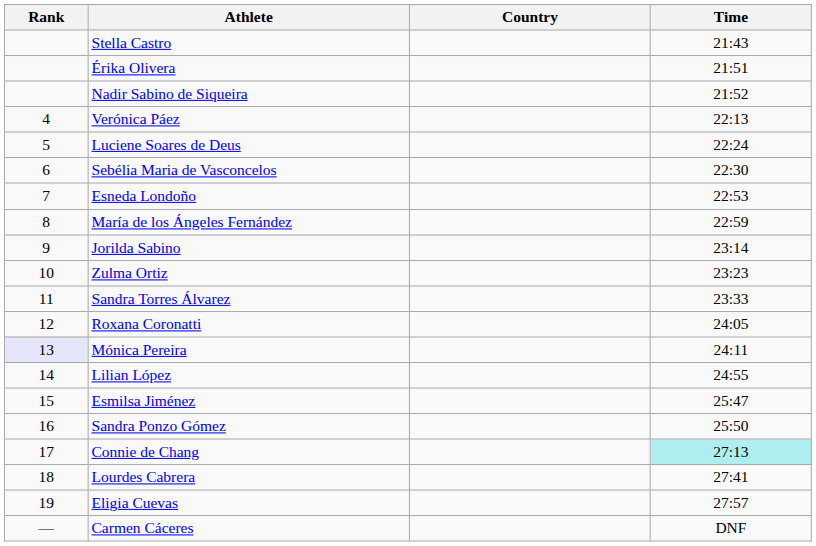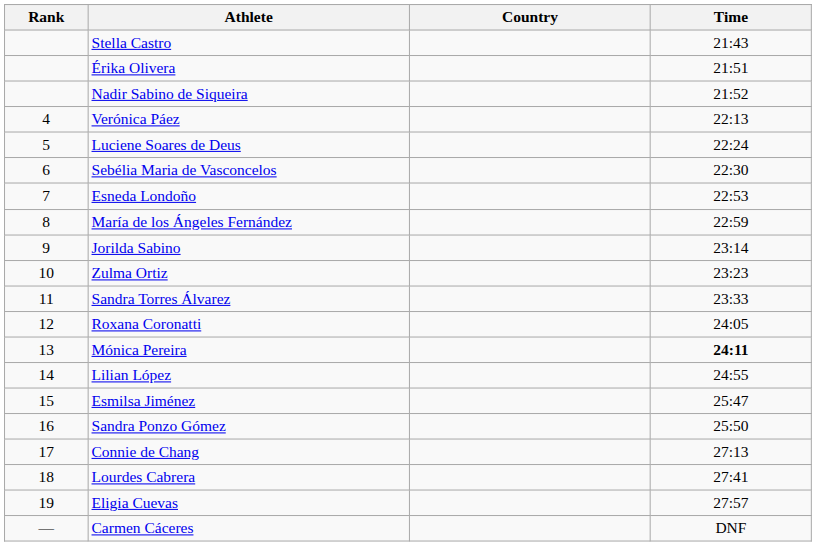 <table class="wikitable sortable" style=" text-align:center; font-size:95%;" width="50%">
 <tr>
 </tr>
 <tr>
 <th width=5%>Rank</th>
 <th width=20%>Athlete</th>
 <th width=15%>Country</th>
 <th width=10%>Time</th>
 </tr>
 <tr>
 <td align=center></td>
 <td align=left><a href='#'>Stella Castro</a></td>
 <td align=left></td>
 <td>21:43</td>
 </tr>
 <tr>
 <td align=center></td>
 <td align=left><a href='#'>Érika Olivera</a></td>
 <td align=left></td>
 <td>21:51</td>
 </tr>
 <tr>
 <td align=center></td>
 <td align=left><a href='#'>Nadir Sabino de Siqueira</a></td>
 <td align=left></td>
 <td>21:52</td>
 </tr>
 <tr>
 <td align=center>4</td>
 <td align=left><a href='#'>Verónica Páez</a></td>
 <td align=left></td>
 <td>22:13</td>
 </tr>
 <tr>
 <td align=center>5</td>
 <td align=left><a href='#'>Luciene Soares de Deus</a></td>
 <td align=left></td>
 <td>22:24</td>
 </tr>
 <tr>
 <td align=center>6</td>
 <td align=left><a href='#'>Sebélia Maria de Vasconcelos</a></td>
 <td align=left></td>
 <td>22:30</td>
 </tr>
 <tr>
 <td align=center>7</td>
 <td align=left><a href='#'>Esneda Londoño</a></td>
 <td align=left></td>
 <td>22:53</td>
 </tr>
 <tr>
 <td align=center>8</td>
 <td align=left><a href='#'>María de los Ángeles Fernández</a></td>
 <td align=left></td>
 <td>22:59</td>
 </tr>
 <tr>
 <td align=center>9</td>
 <td align=left><a href='#'>Jorilda Sabino</a></td>
 <td align=left></td>
 <td>23:14</td>
 </tr>
 <tr>
 <td align=center>10</td>
 <td align=left><a href='#'>Zulma Ortiz</a></td>
 <td align=left></td>
 <td>23:23</td>
 </tr>
 <tr>
 <td align=center>11</td>
 <td align=left><a href='#'>Sandra Torres Álvarez</a></td>
 <td align=left></td>
 <td>23:33</td>
 </tr>
 <tr>
 <td align=center>12</td>
 <td align=left><a href='#'>Roxana Coronatti</a></td>
 <td align=left></td>
 <td>24:05</td>
 </tr>
 <tr>
-<td align=center style="background: lavender;">13</td>
+<td align=center>13</td>
 <td align=left><a href='#'>Mónica Pereira</a></td>
 <td align=left></td>
-<td>24:11</td>
+<td><strong>24:11</strong></td>
 </tr>
 <tr>
 <td align=center>14</td>
 <td align=left><a href='#'>Lilian López</a></td>
 <td align=left></td>
 <td>24:55</td>
 </tr>
 <tr>
 <td align=center>15</td>
 <td align=left><a href='#'>Esmilsa Jiménez</a></td>
 <td align=left></td>
 <td>25:47</td>
 </tr>
 <tr>
 <td align=center>16</td>
 <td align=left><a href='#'>Sandra Ponzo Gómez</a></td>
 <td align=left></td>
 <td>25:50</td>
 </tr>
 <tr>
 <td align=center>17</td>
 <td align=left><a href='#'>Connie de Chang</a></td>
 <td align=left></td>
-<td style="background: paleturquoise;">27:13</td>
+<td>27:13</td>
 </tr>
 <tr>
 <td align=center>18</td>
 <td align=left><a href='#'>Lourdes Cabrera</a></td>
 <td align=left></td>
 <td>27:41</td>
 </tr>
 <tr>
 <td align=center>19</td>
 <td align=left><a href='#'>Eligia Cuevas</a></td>
 <td align=left></td>
 <td>27:57</td>
 </tr>
 <tr>
 <td align=center>—</td>
 <td align=left><a href='#'>Carmen Cáceres</a></td>
 <td align=left></td>
 <td>DNF</td>
 </tr>
 </table>
